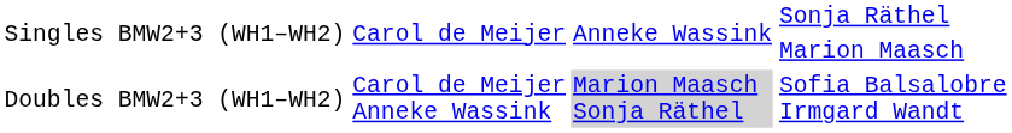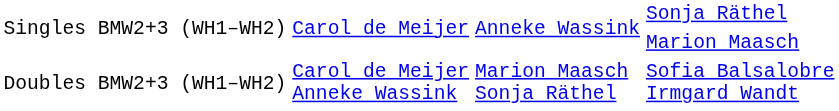 <table>
 <tr>
 <td rowspan=2>Singles BMW2+3 (WH1–WH2)</td>
 <td rowspan=2> <a href='#'>Carol de Meijer</a></td>
 <td rowspan=2> <a href='#'>Anneke Wassink</a></td>
 <td> <a href='#'>Sonja Räthel</a></td>
 </tr>
 <tr>
 <td> <a href='#'>Marion Maasch</a></td>
 </tr>
 <tr>
 <td>Doubles BMW2+3 (WH1–WH2)</td>
 <td> <a href='#'>Carol de Meijer</a><br> <a href='#'>Anneke Wassink</a></td>
-<td style="background: lightgrey;"> <a href='#'>Marion Maasch</a><br> <a href='#'>Sonja Räthel</a></td>
+<td> <a href='#'>Marion Maasch</a><br> <a href='#'>Sonja Räthel</a></td>
 <td> <a href='#'>Sofia Balsalobre</a><br> <a href='#'>Irmgard Wandt</a></td>
 </tr>
 </table>
